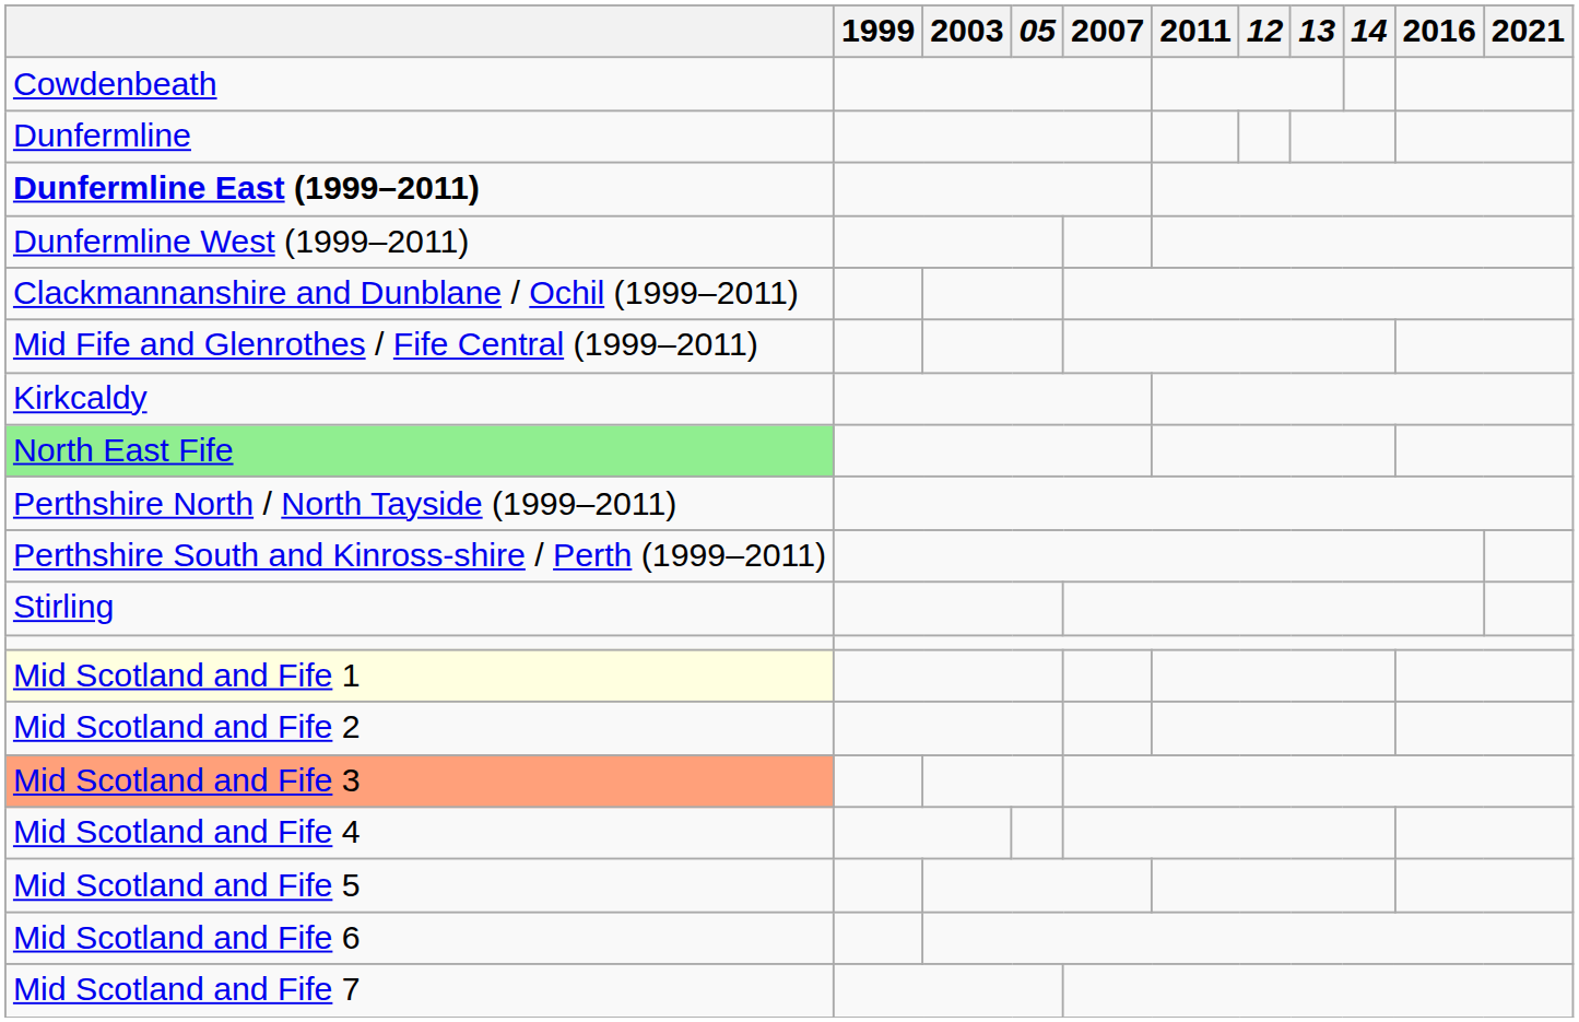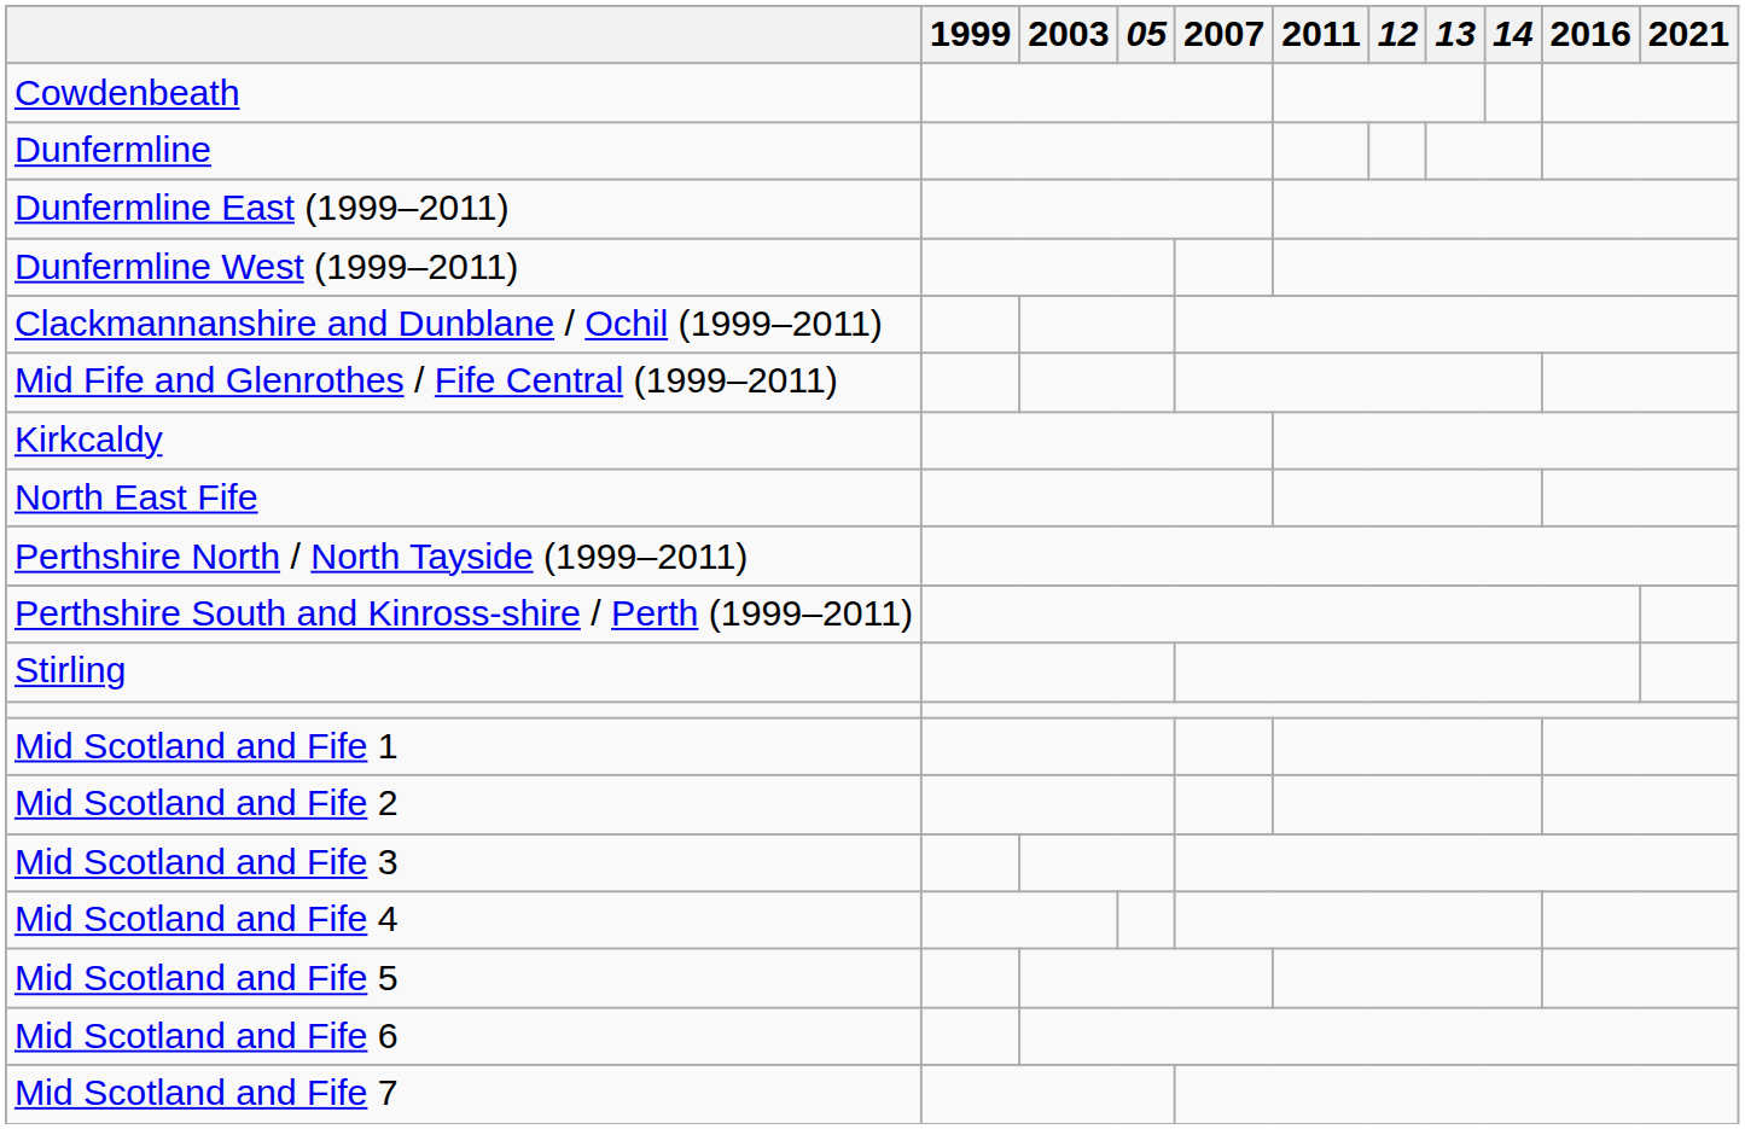 <table class="wikitable">
 <tr>
 <th></th>
 <th>1999</th>
 <th>2003</th>
 <th><em>05</em></th>
 <th>2007</th>
 <th>2011</th>
 <th><em>12</em></th>
 <th><em>13</em></th>
 <th><em>14</em></th>
 <th>2016</th>
 <th>2021</th>
 </tr>
 <tr>
 <td><a href='#'>Cowdenbeath</a></td>
 <td colspan="4"></td>
 <td colspan="3"><a href='#'></a></td>
 <td><a href='#'></a></td>
 <td colspan="2"><a href='#'></a></td>
 </tr>
 <tr>
 <td><a href='#'>Dunfermline</a></td>
 <td colspan="4"></td>
 <td><a href='#'></a></td>
 <td><a href='#'></a></td>
 <td colspan="2"><a href='#'></a></td>
 <td Colspan="2"><a href='#'></a></td>
 </tr>
 <tr>
-<td><strong><a href='#'>Dunfermline East</a> (1999–2011)</strong></td>
+<td><a href='#'>Dunfermline East</a> (1999–2011)</td>
 <td colspan="4"><a href='#'></a></td>
 <td colspan="6"></td>
 </tr>
 <tr>
 <td><a href='#'>Dunfermline West</a> (1999–2011)</td>
 <td colspan="3"><a href='#'></a></td>
 <td><a href='#'></a></td>
 <td colspan="6"></td>
 </tr>
 <tr>
 <td><a href='#'>Clackmannanshire and Dunblane</a> / <a href='#'>Ochil</a> (1999–2011)</td>
 <td><a href='#'></a></td>
 <td colspan="2"><a href='#'></a></td>
 <td colspan="7"><a href='#'></a></td>
 </tr>
 <tr>
 <td><a href='#'>Mid Fife and Glenrothes</a> / <a href='#'>Fife Central</a> (1999–2011)</td>
 <td><a href='#'></a></td>
 <td colspan="2"><a href='#'></a></td>
 <td colspan="5"><a href='#'></a></td>
 <td colspan="2"><a href='#'></a></td>
 </tr>
 <tr>
 <td><a href='#'>Kirkcaldy</a></td>
 <td colspan="4"><a href='#'></a></td>
 <td colspan="6"><a href='#'></a></td>
 </tr>
 <tr>
-<td style="background: lightgreen;"><a href='#'>North East Fife</a></td>
+<td><a href='#'>North East Fife</a></td>
 <td colspan="4"><a href='#'></a></td>
 <td colspan="4"><a href='#'></a></td>
 <td colspan="2"><a href='#'></a></td>
 </tr>
 <tr>
 <td><a href='#'>Perthshire North</a> / <a href='#'>North Tayside</a> (1999–2011)</td>
 <td colspan="10"><a href='#'></a></td>
 </tr>
 <tr>
 <td><a href='#'>Perthshire South and Kinross-shire</a> / <a href='#'>Perth</a> (1999–2011)</td>
 <td colspan="9"><a href='#'></a></td>
 <td><a href='#'></a></td>
 </tr>
 <tr>
 <td><a href='#'>Stirling</a></td>
 <td colspan="3"><a href='#'></a></td>
 <td colspan="6"><a href='#'></a></td>
 <td><a href='#'></a></td>
 </tr>
 <tr>
 <td></td>
 <td colspan="10"></td>
 </tr>
 <tr>
-<td style="background: lightyellow;"><a href='#'>Mid Scotland and Fife</a> 1</td>
+<td><a href='#'>Mid Scotland and Fife</a> 1</td>
 <td colspan="3"><a href='#'></a></td>
 <td><a href='#'></a></td>
 <td colspan="4"><a href='#'></a></td>
 <td colspan="2"><a href='#'></a></td>
 </tr>
 <tr>
 <td><a href='#'>Mid Scotland and Fife</a> 2</td>
 <td colspan="3"><a href='#'></a></td>
 <td><a href='#'></a></td>
 <td colspan="4"><a href='#'></a></td>
 <td colspan="2"><a href='#'></a></td>
 </tr>
 <tr>
-<td style="background: lightsalmon;"><a href='#'>Mid Scotland and Fife</a> 3</td>
+<td><a href='#'>Mid Scotland and Fife</a> 3</td>
 <td><a href='#'></a></td>
 <td colspan="2"><a href='#'></a></td>
 <td colspan="7"><a href='#'></a></td>
 </tr>
 <tr>
 <td><a href='#'>Mid Scotland and Fife</a> 4</td>
 <td colspan="2"><a href='#'></a></td>
 <td><a href='#'></a></td>
 <td colspan="5"><a href='#'></a></td>
 <td colspan="2"><a href='#'></a></td>
 </tr>
 <tr>
 <td><a href='#'>Mid Scotland and Fife</a> 5</td>
 <td><a href='#'></a></td>
 <td colspan="3"><a href='#'></a></td>
 <td colspan="4"><a href='#'></a></td>
 <td colspan="2"><a href='#'></a></td>
 </tr>
 <tr>
 <td><a href='#'>Mid Scotland and Fife</a> 6</td>
 <td><a href='#'></a></td>
 <td colspan="9"><a href='#'></a></td>
 </tr>
 <tr>
 <td><a href='#'>Mid Scotland and Fife</a> 7</td>
 <td colspan="3"><a href='#'></a></td>
 <td colspan="7"><a href='#'></a></td>
 </tr>
 </table>
